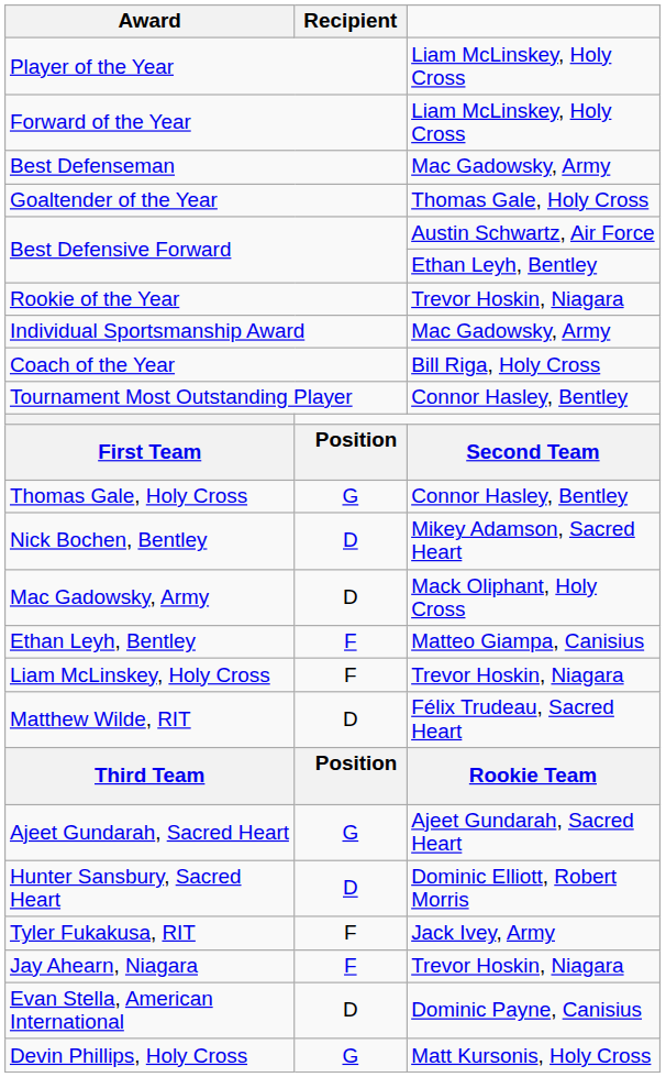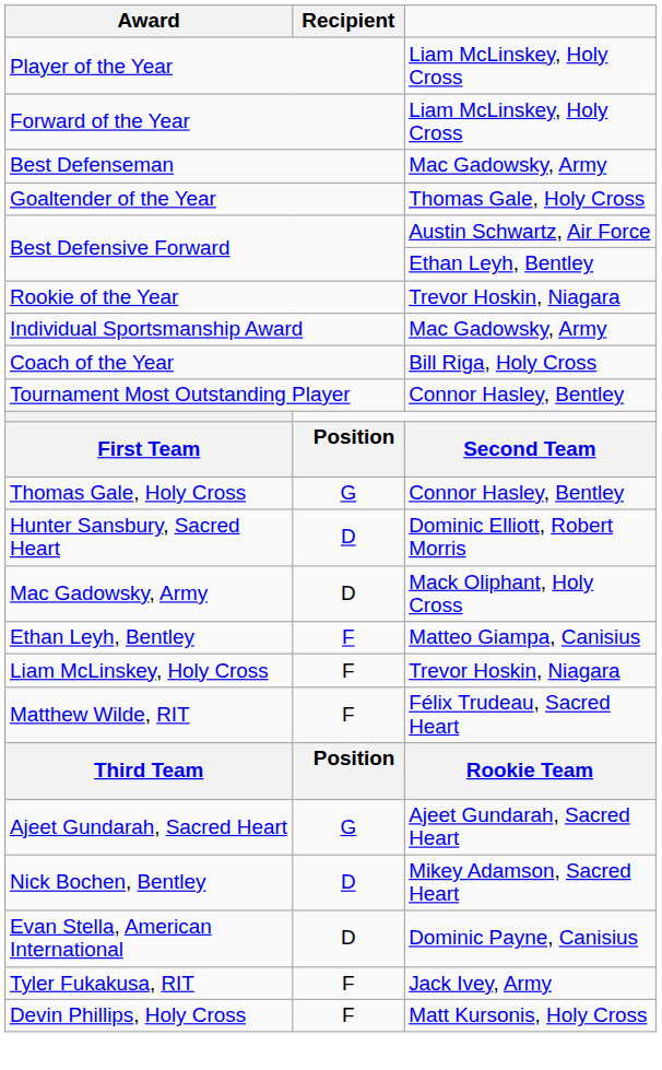 <table class="wikitable" width=40%>
 <tr>
 <th>Award</th>
 <th>Recipient</th>
 </tr>
 <tr>
 <td colspan=2><a href='#'>Player of the Year</a></td>
 <td><a href='#'>Liam McLinskey</a>, <a href='#'>Holy Cross</a></td>
 </tr>
 <tr>
 <td colspan=2><a href='#'>Forward of the Year</a></td>
 <td><a href='#'>Liam McLinskey</a>, <a href='#'>Holy Cross</a></td>
 </tr>
 <tr>
 <td colspan=2><a href='#'>Best Defenseman</a></td>
 <td><a href='#'>Mac Gadowsky</a>, <a href='#'>Army</a></td>
 </tr>
 <tr>
 <td colspan=2><a href='#'>Goaltender of the Year</a></td>
 <td><a href='#'>Thomas Gale</a>, <a href='#'>Holy Cross</a></td>
 </tr>
 <tr>
 <td rowspan=2, colspan=2><a href='#'>Best Defensive Forward</a></td>
 <td><a href='#'>Austin Schwartz</a>, <a href='#'>Air Force</a></td>
 </tr>
 <tr>
 <td><a href='#'>Ethan Leyh</a>, <a href='#'>Bentley</a></td>
 </tr>
 <tr>
 <td colspan=2><a href='#'>Rookie of the Year</a></td>
 <td><a href='#'>Trevor Hoskin</a>, <a href='#'>Niagara</a></td>
 </tr>
 <tr>
 <td colspan=2><a href='#'>Individual Sportsmanship Award</a></td>
 <td><a href='#'>Mac Gadowsky</a>, <a href='#'>Army</a></td>
 </tr>
 <tr>
 <td colspan=2><a href='#'>Coach of the Year</a></td>
 <td><a href='#'>Bill Riga</a>, <a href='#'>Holy Cross</a></td>
 </tr>
 <tr>
 <td colspan=2><a href='#'>Tournament Most Outstanding Player</a></td>
 <td><a href='#'>Connor Hasley</a>, <a href='#'>Bentley</a></td>
 </tr>
 <tr>
 <th><a href='#'></a></th>
 </tr>
 <tr>
 <th><a href='#'>First Team</a></th>
 <th>  Position  </th>
 <th><a href='#'>Second Team</a></th>
 </tr>
 <tr>
 <td><a href='#'>Thomas Gale</a>, <a href='#'>Holy Cross</a></td>
 <td align=center><a href='#'>G</a></td>
 <td><a href='#'>Connor Hasley</a>, <a href='#'>Bentley</a></td>
 </tr>
 <tr>
-<td><a href='#'>Nick Bochen</a>, <a href='#'>Bentley</a></td>
+<td><a href='#'>Hunter Sansbury</a>, <a href='#'>Sacred Heart</a></td>
 <td align=center><a href='#'>D</a></td>
-<td><a href='#'>Mikey Adamson</a>, <a href='#'>Sacred Heart</a></td>
+<td><a href='#'>Dominic Elliott</a>, <a href='#'>Robert Morris</a></td>
 </tr>
 <tr>
 <td><a href='#'>Mac Gadowsky</a>, <a href='#'>Army</a></td>
 <td align=center>D</td>
 <td><a href='#'>Mack Oliphant</a>, <a href='#'>Holy Cross</a></td>
 </tr>
 <tr>
 <td><a href='#'>Ethan Leyh</a>, <a href='#'>Bentley</a></td>
 <td align=center><a href='#'>F</a></td>
 <td><a href='#'>Matteo Giampa</a>, <a href='#'>Canisius</a></td>
 </tr>
 <tr>
 <td><a href='#'>Liam McLinskey</a>, <a href='#'>Holy Cross</a></td>
 <td align=center>F</td>
 <td><a href='#'>Trevor Hoskin</a>, <a href='#'>Niagara</a></td>
 </tr>
 <tr>
 <td><a href='#'>Matthew Wilde</a>, <a href='#'>RIT</a></td>
-<td align=center>D</td>
+<td align=center>F</td>
 <td><a href='#'>Félix Trudeau</a>, <a href='#'>Sacred Heart</a></td>
 </tr>
 <tr>
 <th><a href='#'>Third Team</a></th>
 <th>  Position  </th>
 <th><a href='#'>Rookie Team</a></th>
 </tr>
 <tr>
 <td><a href='#'>Ajeet Gundarah</a>, <a href='#'>Sacred Heart</a></td>
 <td align=center><a href='#'>G</a></td>
 <td><a href='#'>Ajeet Gundarah</a>, <a href='#'>Sacred Heart</a></td>
 </tr>
 <tr>
-<td><a href='#'>Hunter Sansbury</a>, <a href='#'>Sacred Heart</a></td>
+<td><a href='#'>Nick Bochen</a>, <a href='#'>Bentley</a></td>
 <td align=center><a href='#'>D</a></td>
-<td><a href='#'>Dominic Elliott</a>, <a href='#'>Robert Morris</a></td>
+<td><a href='#'>Mikey Adamson</a>, <a href='#'>Sacred Heart</a></td>
+</tr>
+<tr>
+<td><a href='#'>Evan Stella</a>, <a href='#'>American International</a></td>
+<td align=center>D</td>
+<td><a href='#'>Dominic Payne</a>, <a href='#'>Canisius</a></td>
 </tr>
 <tr>
 <td><a href='#'>Tyler Fukakusa</a>, <a href='#'>RIT</a></td>
 <td align=center>F</td>
 <td><a href='#'>Jack Ivey</a>, <a href='#'>Army</a></td>
 </tr>
 <tr>
-<td><a href='#'>Jay Ahearn</a>, <a href='#'>Niagara</a></td>
-<td align=center><a href='#'>F</a></td>
-<td><a href='#'>Trevor Hoskin</a>, <a href='#'>Niagara</a></td>
-</tr>
-<tr>
-<td><a href='#'>Evan Stella</a>, <a href='#'>American International</a></td>
-<td align=center>D</td>
-<td><a href='#'>Dominic Payne</a>, <a href='#'>Canisius</a></td>
-</tr>
-<tr>
 <td><a href='#'>Devin Phillips</a>, <a href='#'>Holy Cross</a></td>
-<td align=center><a href='#'>G</a></td>
+<td align=center>F</td>
 <td><a href='#'>Matt Kursonis</a>, <a href='#'>Holy Cross</a></td>
 </tr>
 </table>
